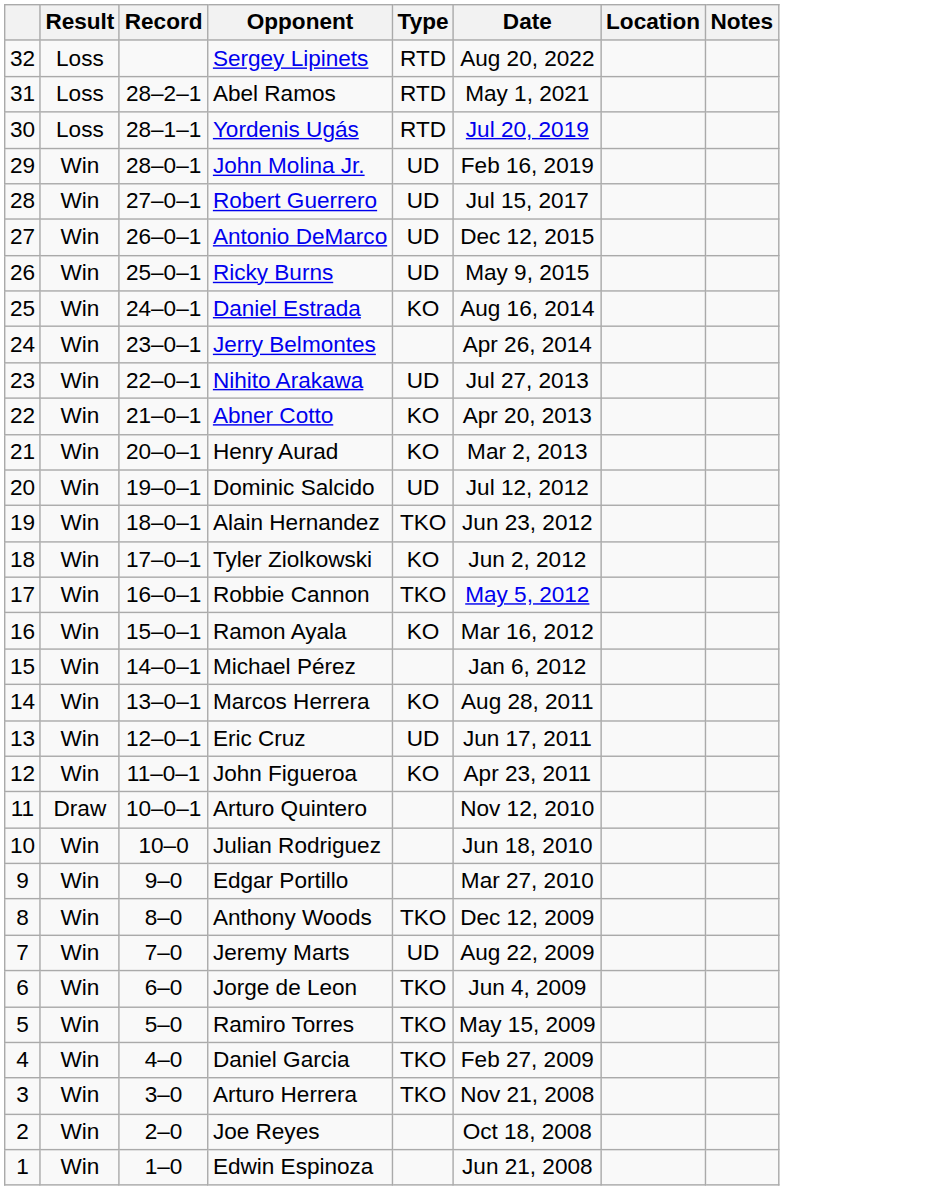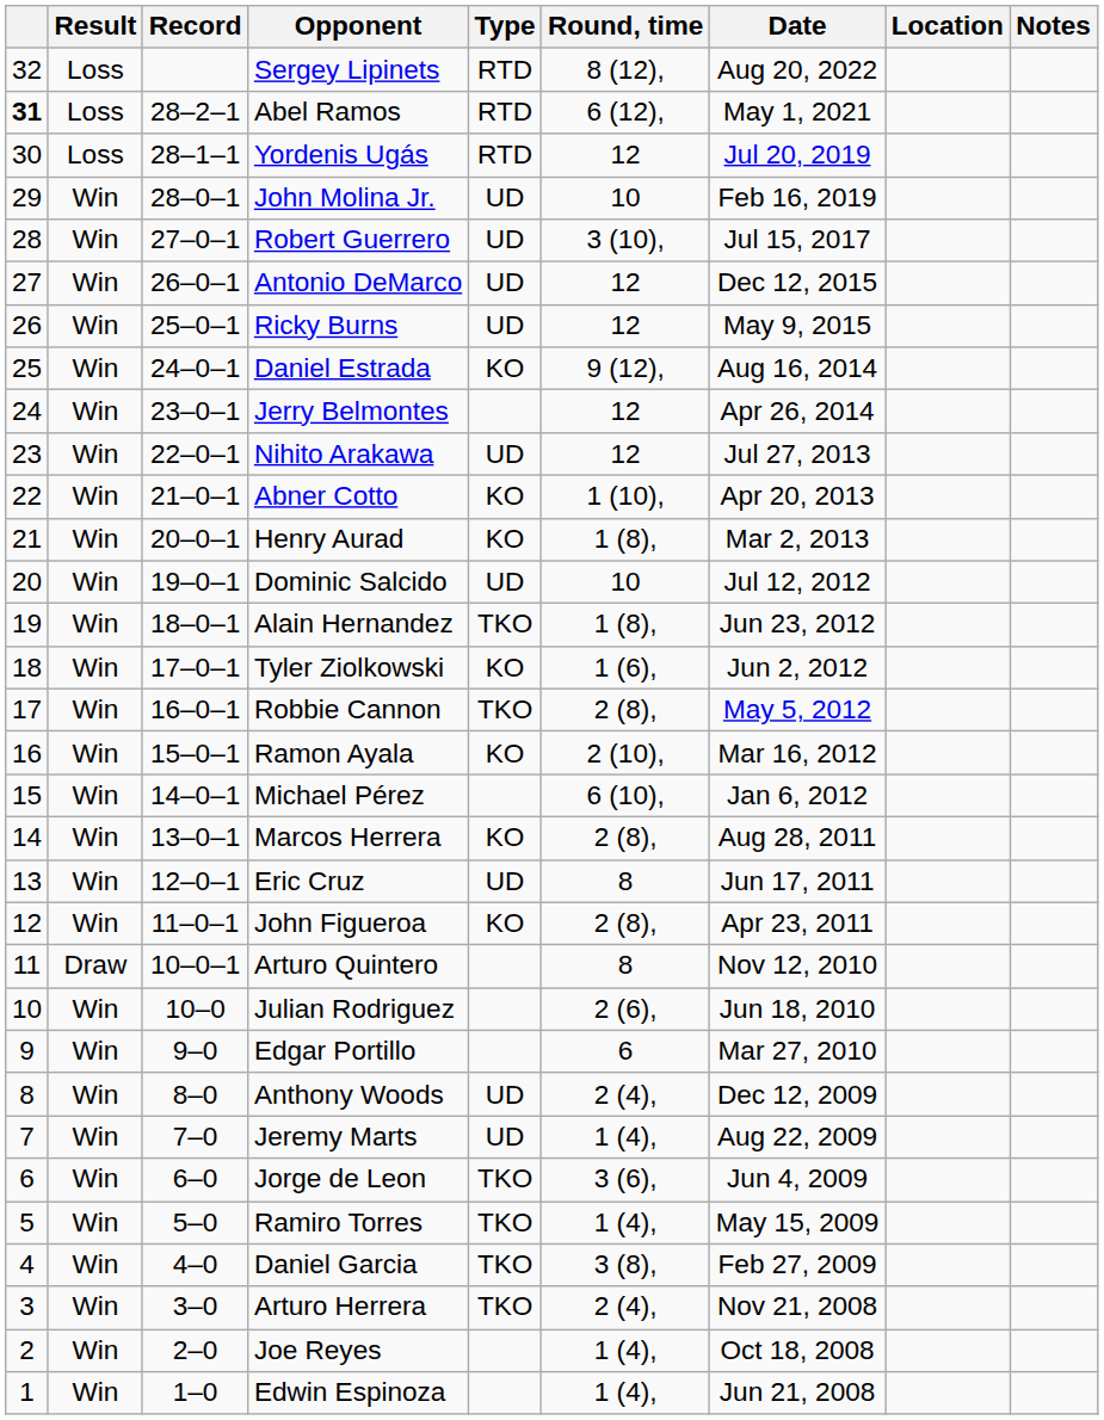 <table class="wikitable" style="text-align:center">
 <tr>
 <th></th>
 <th>Result</th>
 <th>Record</th>
 <th>Opponent</th>
 <th>Type</th>
+<th>Round, time</th>
 <th>Date</th>
 <th>Location</th>
 <th>Notes</th>
 </tr>
 <tr>
 <td>32</td>
 <td>Loss</td>
 <td></td>
 <td style="text-align:left;"><a href='#'>Sergey Lipinets</a></td>
 <td>RTD</td>
+<td>8 (12), </td>
 <td>Aug 20, 2022</td>
 <td style="text-align:left;"></td>
 <td></td>
 </tr>
 <tr>
-<td>31</td>
+<td><strong>31</strong></td>
 <td>Loss</td>
 <td>28–2–1</td>
 <td style="text-align:left;">Abel Ramos</td>
 <td>RTD</td>
+<td>6 (12), </td>
 <td>May 1, 2021</td>
 <td style="text-align:left;"></td>
 <td></td>
 </tr>
 <tr>
 <td>30</td>
 <td>Loss</td>
 <td>28–1–1</td>
 <td style="text-align:left;"><a href='#'>Yordenis Ugás</a></td>
 <td>RTD</td>
+<td>12</td>
 <td><a href='#'>Jul 20, 2019</a></td>
 <td style="text-align:left;"></td>
 <td></td>
 </tr>
 <tr>
 <td>29</td>
 <td>Win</td>
 <td>28–0–1</td>
 <td style="text-align:left;"><a href='#'>John Molina Jr.</a></td>
 <td>UD</td>
+<td>10</td>
 <td>Feb 16, 2019</td>
 <td style="text-align:left;"></td>
 <td></td>
 </tr>
 <tr>
 <td>28</td>
 <td>Win</td>
 <td>27–0–1</td>
 <td style="text-align:left;"><a href='#'>Robert Guerrero</a></td>
 <td>UD</td>
+<td>3 (10), </td>
 <td>Jul 15, 2017</td>
 <td style="text-align:left;"></td>
 <td></td>
 </tr>
 <tr>
 <td>27</td>
 <td>Win</td>
 <td>26–0–1</td>
 <td style="text-align:left;"><a href='#'>Antonio DeMarco</a></td>
 <td>UD</td>
+<td>12</td>
 <td>Dec 12, 2015</td>
 <td style="text-align:left;"></td>
 <td></td>
 </tr>
 <tr>
 <td>26</td>
 <td>Win</td>
 <td>25–0–1</td>
 <td style="text-align:left;"><a href='#'>Ricky Burns</a></td>
 <td>UD</td>
+<td>12</td>
 <td>May 9, 2015</td>
 <td style="text-align:left;"></td>
 <td></td>
 </tr>
 <tr>
 <td>25</td>
 <td>Win</td>
 <td>24–0–1</td>
 <td style="text-align:left;"><a href='#'>Daniel Estrada</a></td>
 <td>KO</td>
+<td>9 (12), </td>
 <td>Aug 16, 2014</td>
 <td style="text-align:left;"></td>
 <td style="text-align:left;"></td>
 </tr>
 <tr>
 <td>24</td>
 <td>Win</td>
 <td>23–0–1</td>
 <td style="text-align:left;"><a href='#'>Jerry Belmontes</a></td>
 <td></td>
+<td>12</td>
 <td>Apr 26, 2014</td>
 <td style="text-align:left;"></td>
 <td style="text-align:left;"></td>
 </tr>
 <tr>
 <td>23</td>
 <td>Win</td>
 <td>22–0–1</td>
 <td style="text-align:left;"><a href='#'>Nihito Arakawa</a></td>
 <td>UD</td>
+<td>12</td>
 <td>Jul 27, 2013</td>
 <td style="text-align:left;"></td>
 <td style="text-align:left;"></td>
 </tr>
 <tr>
 <td>22</td>
 <td>Win</td>
 <td>21–0–1</td>
 <td style="text-align:left;"><a href='#'>Abner Cotto</a></td>
 <td>KO</td>
+<td>1 (10), </td>
 <td>Apr 20, 2013</td>
 <td style="text-align:left;"></td>
 <td style="text-align:left;"></td>
 </tr>
 <tr>
 <td>21</td>
 <td>Win</td>
 <td>20–0–1</td>
 <td style="text-align:left;">Henry Aurad</td>
 <td>KO</td>
+<td>1 (8), </td>
 <td>Mar 2, 2013</td>
 <td style="text-align:left;"></td>
 <td></td>
 </tr>
 <tr>
 <td>20</td>
 <td>Win</td>
 <td>19–0–1</td>
 <td style="text-align:left;">Dominic Salcido</td>
 <td>UD</td>
+<td>10</td>
 <td>Jul 12, 2012</td>
 <td style="text-align:left;"></td>
 <td></td>
 </tr>
 <tr>
 <td>19</td>
 <td>Win</td>
 <td>18–0–1</td>
 <td style="text-align:left;">Alain Hernandez</td>
 <td>TKO</td>
+<td>1 (8), </td>
 <td>Jun 23, 2012</td>
 <td style="text-align:left;"></td>
 <td></td>
 </tr>
 <tr>
 <td>18</td>
 <td>Win</td>
 <td>17–0–1</td>
 <td style="text-align:left;">Tyler Ziolkowski</td>
 <td>KO</td>
+<td>1 (6), </td>
 <td>Jun 2, 2012</td>
 <td style="text-align:left;"></td>
 <td></td>
 </tr>
 <tr>
 <td>17</td>
 <td>Win</td>
 <td>16–0–1</td>
 <td style="text-align:left;">Robbie Cannon</td>
 <td>TKO</td>
+<td>2 (8), </td>
 <td><a href='#'>May 5, 2012</a></td>
 <td style="text-align:left;"></td>
 <td></td>
 </tr>
 <tr>
 <td>16</td>
 <td>Win</td>
 <td>15–0–1</td>
 <td style="text-align:left;">Ramon Ayala</td>
 <td>KO</td>
+<td>2 (10), </td>
 <td>Mar 16, 2012</td>
 <td style="text-align:left;"></td>
 <td></td>
 </tr>
 <tr>
 <td>15</td>
 <td>Win</td>
 <td>14–0–1</td>
 <td style="text-align:left;">Michael Pérez</td>
 <td></td>
+<td>6 (10), </td>
 <td>Jan 6, 2012</td>
 <td style="text-align:left;"></td>
 <td style="text-align:left;"></td>
 </tr>
 <tr>
 <td>14</td>
 <td>Win</td>
 <td>13–0–1</td>
 <td style="text-align:left;">Marcos Herrera</td>
 <td>KO</td>
+<td>2 (8), </td>
 <td>Aug 28, 2011</td>
 <td style="text-align:left;"></td>
 <td></td>
 </tr>
 <tr>
 <td>13</td>
 <td>Win</td>
 <td>12–0–1</td>
 <td style="text-align:left;">Eric Cruz</td>
 <td>UD</td>
+<td>8</td>
 <td>Jun 17, 2011</td>
 <td style="text-align:left;"></td>
 <td></td>
 </tr>
 <tr>
 <td>12</td>
 <td>Win</td>
 <td>11–0–1</td>
 <td style="text-align:left;">John Figueroa</td>
 <td>KO</td>
+<td>2 (8), </td>
 <td>Apr 23, 2011</td>
 <td style="text-align:left;"></td>
 <td></td>
 </tr>
 <tr>
 <td>11</td>
 <td>Draw</td>
 <td>10–0–1</td>
 <td style="text-align:left;">Arturo Quintero</td>
 <td></td>
+<td>8</td>
 <td>Nov 12, 2010</td>
 <td style="text-align:left;"></td>
 <td></td>
 </tr>
 <tr>
 <td>10</td>
 <td>Win</td>
 <td>10–0</td>
 <td style="text-align:left;">Julian Rodriguez</td>
 <td></td>
+<td>2 (6), </td>
 <td>Jun 18, 2010</td>
 <td style="text-align:left;"></td>
 <td style="text-align:left;"></td>
 </tr>
 <tr>
 <td>9</td>
 <td>Win</td>
 <td>9–0</td>
 <td style="text-align:left;">Edgar Portillo</td>
 <td></td>
+<td>6</td>
 <td>Mar 27, 2010</td>
 <td style="text-align:left;"></td>
 <td></td>
 </tr>
 <tr>
 <td>8</td>
 <td>Win</td>
 <td>8–0</td>
 <td style="text-align:left;">Anthony Woods</td>
-<td>TKO</td>
+<td>UD</td>
+<td>2 (4), </td>
 <td>Dec 12, 2009</td>
 <td style="text-align:left;"></td>
 <td></td>
 </tr>
 <tr>
 <td>7</td>
 <td>Win</td>
 <td>7–0</td>
 <td style="text-align:left;">Jeremy Marts</td>
 <td>UD</td>
+<td>1 (4), </td>
 <td>Aug 22, 2009</td>
 <td style="text-align:left;"></td>
 <td></td>
 </tr>
 <tr>
 <td>6</td>
 <td>Win</td>
 <td>6–0</td>
 <td style="text-align:left;">Jorge de Leon</td>
 <td>TKO</td>
+<td>3 (6), </td>
 <td>Jun 4, 2009</td>
 <td style="text-align:left;"></td>
 <td></td>
 </tr>
 <tr>
 <td>5</td>
 <td>Win</td>
 <td>5–0</td>
 <td style="text-align:left;">Ramiro Torres</td>
 <td>TKO</td>
+<td>1 (4), </td>
 <td>May 15, 2009</td>
 <td style="text-align:left;"></td>
 <td></td>
 </tr>
 <tr>
 <td>4</td>
 <td>Win</td>
 <td>4–0</td>
 <td style="text-align:left;">Daniel Garcia</td>
 <td>TKO</td>
+<td>3 (8), </td>
 <td>Feb 27, 2009</td>
 <td style="text-align:left;"></td>
 <td></td>
 </tr>
 <tr>
 <td>3</td>
 <td>Win</td>
 <td>3–0</td>
 <td style="text-align:left;">Arturo Herrera</td>
 <td>TKO</td>
+<td>2 (4), </td>
 <td>Nov 21, 2008</td>
 <td style="text-align:left;"></td>
 <td></td>
 </tr>
 <tr>
 <td>2</td>
 <td>Win</td>
 <td>2–0</td>
 <td style="text-align:left;">Joe Reyes</td>
 <td></td>
+<td>1 (4), </td>
 <td>Oct 18, 2008</td>
 <td style="text-align:left;"></td>
 <td></td>
 </tr>
 <tr>
 <td>1</td>
 <td>Win</td>
 <td>1–0</td>
 <td style="text-align:left;">Edwin Espinoza</td>
 <td></td>
+<td>1 (4), </td>
 <td>Jun 21, 2008</td>
 <td style="text-align:left;"></td>
 <td></td>
 </tr>
 </table>
